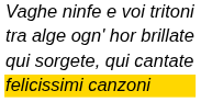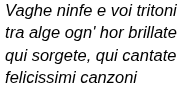 <table align="left">
 <tr>
 <td><em>Vaghe ninfe e voi tritoni</em></td>
 </tr>
 <tr>
 <td><em>tra alge ogn' hor brillate</em></td>
 </tr>
 <tr>
 <td><em>qui sorgete, qui cantate</em></td>
 </tr>
 <tr>
-<td style="background: gold;"><em>felicissimi canzoni</em></td>
+<td><em>felicissimi canzoni</em></td>
 </tr>
 <tr>
 </tr>
 </table>
